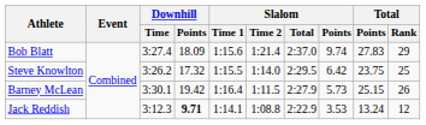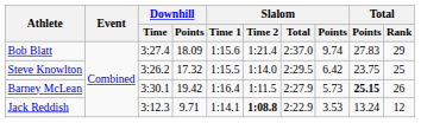 <table class=wikitable style=font-size:90%;text-align:center>
 <tr>
 <th rowspan=2>Athlete</th>
 <th rowspan=2>Event</th>
 <th colspan=2><a href='#'>Downhill</a></th>
 <th colspan=4>Slalom</th>
 <th colspan=2>Total</th>
 </tr>
 <tr style=font-size:95%>
 <th>Time</th>
 <th>Points</th>
 <th>Time 1</th>
 <th>Time 2</th>
 <th>Total</th>
 <th>Points</th>
 <th>Points</th>
 <th>Rank</th>
 </tr>
 <tr>
 <td align=left><a href='#'>Bob Blatt</a></td>
 <td align=left rowspan=4><a href='#'>Combined</a></td>
 <td>3:27.4</td>
 <td>18.09</td>
 <td>1:15.6</td>
 <td>1:21.4</td>
 <td>2:37.0</td>
 <td>9.74</td>
 <td>27.83</td>
 <td>29</td>
 </tr>
 <tr>
 <td align=left><a href='#'>Steve Knowlton</a></td>
 <td>3:26.2</td>
 <td>17.32</td>
 <td>1:15.5</td>
 <td>1:14.0</td>
 <td>2:29.5</td>
 <td>6.42</td>
 <td>23.75</td>
 <td>25</td>
 </tr>
 <tr>
 <td align=left><a href='#'>Barney McLean</a></td>
 <td>3:30.1</td>
 <td>19.42</td>
 <td>1:16.4</td>
 <td>1:11.5</td>
 <td>2:27.9</td>
 <td>5.73</td>
-<td>25.15</td>
+<td><strong>25.15</strong></td>
 <td>26</td>
 </tr>
 <tr>
 <td align=left><a href='#'>Jack Reddish</a></td>
 <td>3:12.3</td>
-<td><strong>9.71</strong></td>
+<td>9.71</td>
 <td>1:14.1</td>
-<td>1:08.8</td>
+<td><strong>1:08.8</strong></td>
 <td>2:22.9</td>
 <td>3.53</td>
 <td>13.24</td>
 <td>12</td>
 </tr>
 </table>
